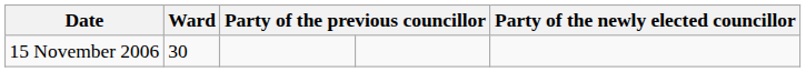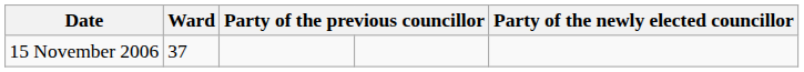 <table class="wikitable">
 <tr>
 <th>Date</th>
 <th>Ward</th>
 <th colspan=2>Party of the previous councillor</th>
 <th colspan=2>Party of the newly elected councillor</th>
 </tr>
 <tr>
 <td>15 November 2006</td>
-<td>30</td>
+<td>37</td>
 <td></td>
 <td></td>
 </tr>
 </table>
